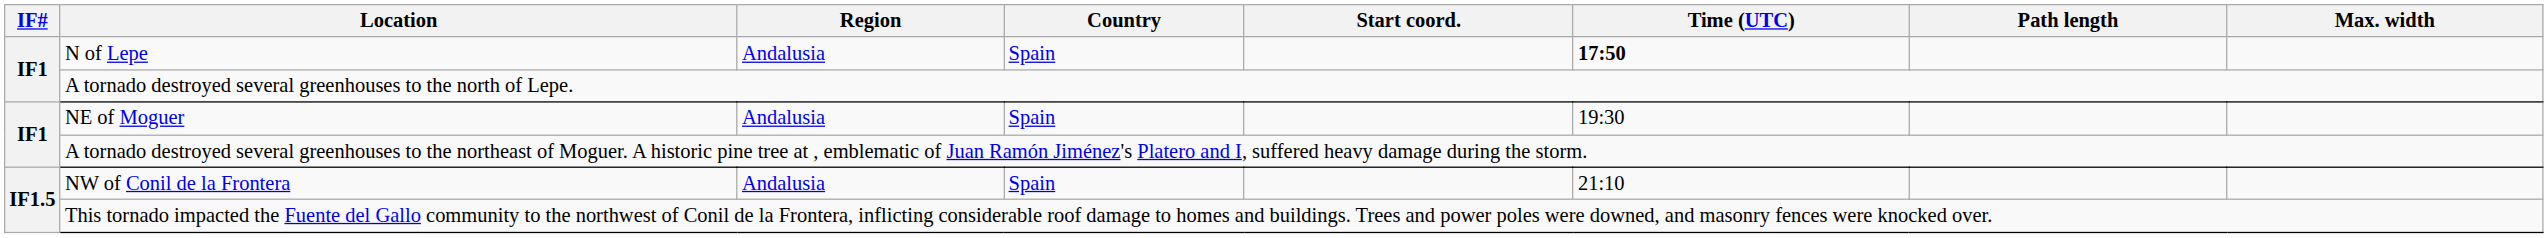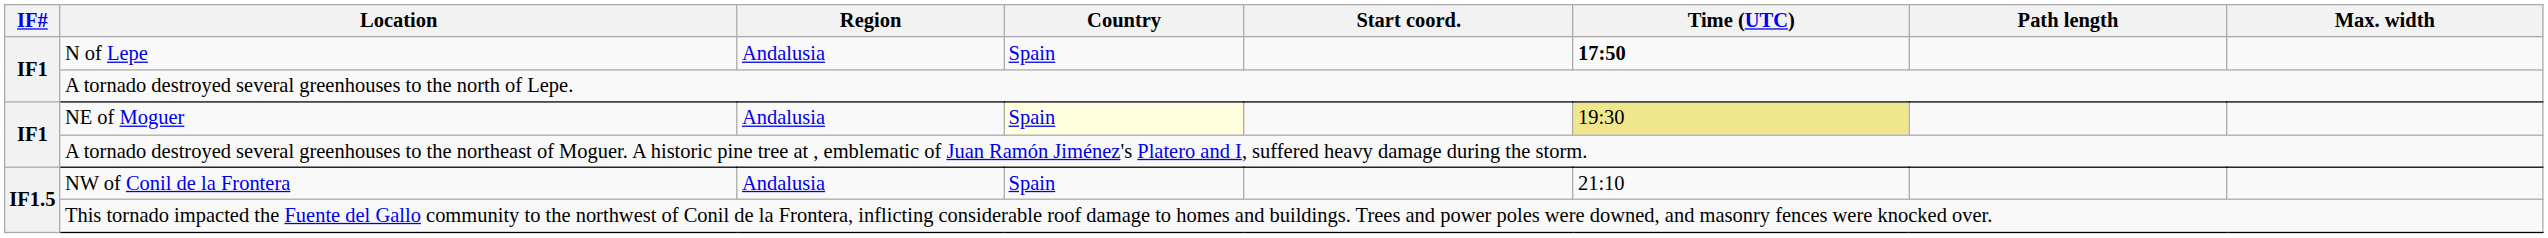 <table class="wikitable sortable" style="width:100%;">
 <tr>
 <th scope="col" width="2%" align="center"><a href='#'>IF#</a></th>
 <th scope="col" align="center" class="unsortable">Location</th>
 <th scope="col" align="center" class="unsortable">Region</th>
 <th scope="col" align="center">Country</th>
 <th scope="col" align="center">Start coord.</th>
 <th scope="col" align="center">Time (<a href='#'>UTC</a>)</th>
 <th scope="col" align="center">Path length</th>
 <th scope="col" align="center">Max. width</th>
 </tr>
 <tr>
 <th scope="row" rowspan="2" style="background-color:#">IF1</th>
 <td>N of <a href='#'>Lepe</a></td>
 <td><a href='#'>Andalusia</a></td>
 <td><a href='#'>Spain</a></td>
 <td></td>
 <td><strong>17:50</strong></td>
 <td></td>
 <td></td>
 </tr>
 <tr class="expand-child">
 <td colspan="8" style=" border-bottom: 1px solid black;">A tornado destroyed several greenhouses to the north of Lepe.</td>
 </tr>
 <tr>
 <th scope="row" rowspan="2" style="background-color:#">IF1</th>
 <td>NE of <a href='#'>Moguer</a></td>
 <td><a href='#'>Andalusia</a></td>
-<td><a href='#'>Spain</a></td>
+<td style="background: lightyellow;"><a href='#'>Spain</a></td>
 <td></td>
-<td>19:30</td>
+<td style="background: khaki;">19:30</td>
 <td></td>
 <td></td>
 </tr>
 <tr class="expand-child">
 <td colspan="8" style=" border-bottom: 1px solid black;">A tornado destroyed several greenhouses to the northeast of Moguer. A historic pine tree at , emblematic of <a href='#'>Juan Ramón Jiménez</a>'s <a href='#'>Platero and I</a>, suffered heavy damage during the storm.</td>
 </tr>
 <tr>
 <th scope="row" rowspan="2" style="background-color:#">IF1.5</th>
 <td>NW of <a href='#'>Conil de la Frontera</a></td>
 <td><a href='#'>Andalusia</a></td>
 <td><a href='#'>Spain</a></td>
 <td></td>
 <td>21:10</td>
 <td></td>
 <td></td>
 </tr>
 <tr class="expand-child">
 <td colspan="8" style=" border-bottom: 1px solid black;">This tornado impacted the <a href='#'>Fuente del Gallo</a> community to the northwest of Conil de la Frontera, inflicting considerable roof damage to homes and buildings. Trees and power poles were downed, and masonry fences were knocked over.</td>
 </tr>
 </table>
